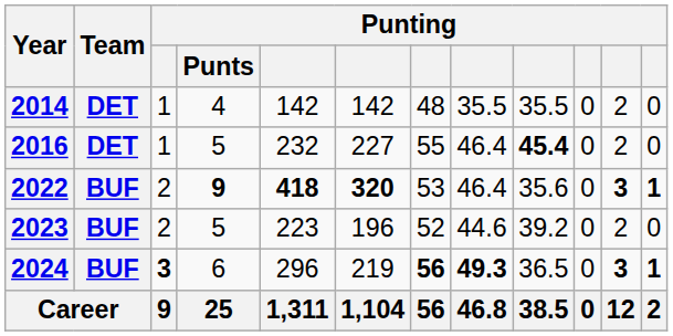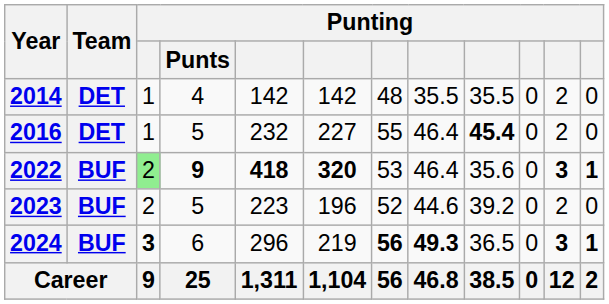 <table class=wikitable style="text-align:center;">
 <tr>
 <th rowspan="2">Year</th>
 <th rowspan="2">Team</th>
 <th colspan="10">Punting</th>
 </tr>
 <tr>
 <th></th>
 <th>Punts</th>
 <th></th>
 <th></th>
 <th></th>
 <th></th>
 <th></th>
 <th></th>
 <th></th>
 <th></th>
 </tr>
 <tr>
 <th><a href='#'>2014</a></th>
 <th><a href='#'>DET</a></th>
 <td>1</td>
 <td>4</td>
 <td>142</td>
 <td>142</td>
 <td>48</td>
 <td>35.5</td>
 <td>35.5</td>
 <td>0</td>
 <td>2</td>
 <td>0</td>
 </tr>
 <tr>
 <th><a href='#'>2016</a></th>
 <th><a href='#'>DET</a></th>
 <td>1</td>
 <td>5</td>
 <td>232</td>
 <td>227</td>
 <td>55</td>
 <td>46.4</td>
 <td><strong>45.4</strong></td>
 <td>0</td>
 <td>2</td>
 <td>0</td>
 </tr>
 <tr>
 <th><a href='#'>2022</a></th>
 <th><a href='#'>BUF</a></th>
-<td>2</td>
+<td style="background: lightgreen;">2</td>
 <td><strong>9</strong></td>
 <td><strong>418</strong></td>
 <td><strong>320</strong></td>
 <td>53</td>
 <td>46.4</td>
 <td>35.6</td>
 <td>0</td>
 <td><strong>3</strong></td>
 <td><strong>1</strong></td>
 </tr>
 <tr>
 <th><a href='#'>2023</a></th>
 <th><a href='#'>BUF</a></th>
 <td>2</td>
 <td>5</td>
 <td>223</td>
 <td>196</td>
 <td>52</td>
 <td>44.6</td>
 <td>39.2</td>
 <td>0</td>
 <td>2</td>
 <td>0</td>
 </tr>
 <tr>
 <th><a href='#'>2024</a></th>
 <th><a href='#'>BUF</a></th>
 <td><strong>3</strong></td>
 <td>6</td>
 <td>296</td>
 <td>219</td>
 <td><strong>56</strong></td>
 <td><strong>49.3</strong></td>
 <td>36.5</td>
 <td>0</td>
 <td><strong>3</strong></td>
 <td><strong>1</strong></td>
 </tr>
 <tr>
 <th colspan="2">Career</th>
 <th>9</th>
 <th>25</th>
 <th>1,311</th>
 <th>1,104</th>
 <th>56</th>
 <th>46.8</th>
 <th>38.5</th>
 <th>0</th>
 <th>12</th>
 <th>2</th>
 </tr>
 </table>
